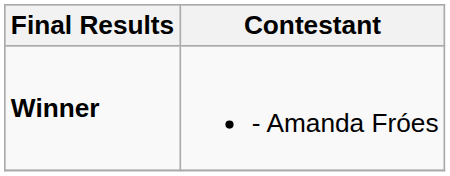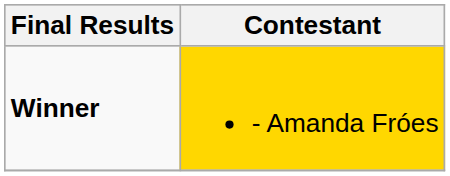 <table class="wikitable">
 <tr>
 <th>Final Results</th>
 <th>Contestant</th>
 </tr>
 <tr>
 <td><strong>Winner</strong></td>
-<td><br><ul><li><strong></strong> - Amanda Fróes</li></ul></td>
+<td style="background: gold;"><br><ul><li><strong></strong> - Amanda Fróes</li></ul></td>
 </tr>
 <tr>
 </tr>
 </table>
